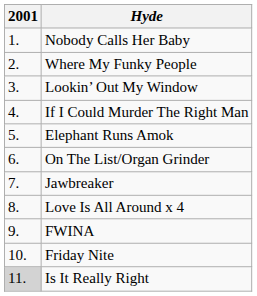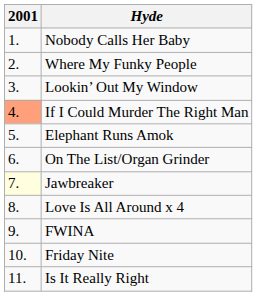 <table class="wikitable">
 <tr>
 <th>2001</th>
 <th><em>Hyde</em></th>
 </tr>
 <tr>
 <td>1.</td>
 <td>Nobody Calls Her Baby</td>
 </tr>
 <tr>
 <td>2.</td>
 <td>Where My Funky People</td>
 </tr>
 <tr>
 <td>3.</td>
 <td>Lookin’ Out My Window</td>
 </tr>
 <tr>
-<td>4.</td>
+<td style="background: lightsalmon;">4.</td>
 <td>If I Could Murder The Right Man</td>
 </tr>
 <tr>
 <td>5.</td>
 <td>Elephant Runs Amok</td>
 </tr>
 <tr>
 <td>6.</td>
 <td>On The List/Organ Grinder</td>
 </tr>
 <tr>
-<td>7.</td>
+<td style="background: lightyellow;">7.</td>
 <td>Jawbreaker</td>
 </tr>
 <tr>
 <td>8.</td>
 <td>Love Is All Around x 4</td>
 </tr>
 <tr>
 <td>9.</td>
 <td>FWINA</td>
 </tr>
 <tr>
 <td>10.</td>
 <td>Friday Nite</td>
 </tr>
 <tr>
-<td style="background: lightgrey;">11.</td>
+<td>11.</td>
 <td>Is It Really Right</td>
 </tr>
 </table>
